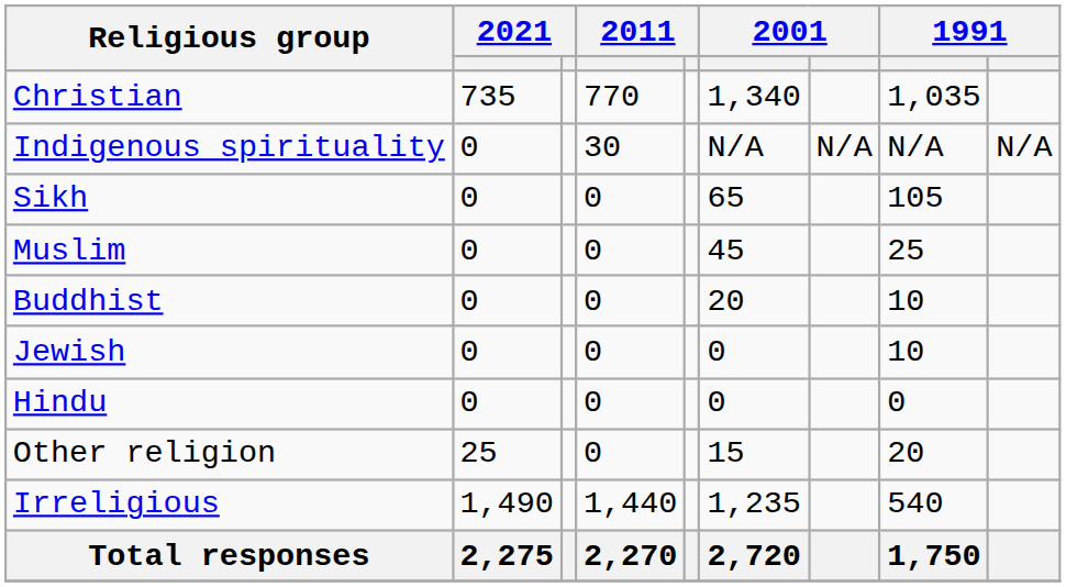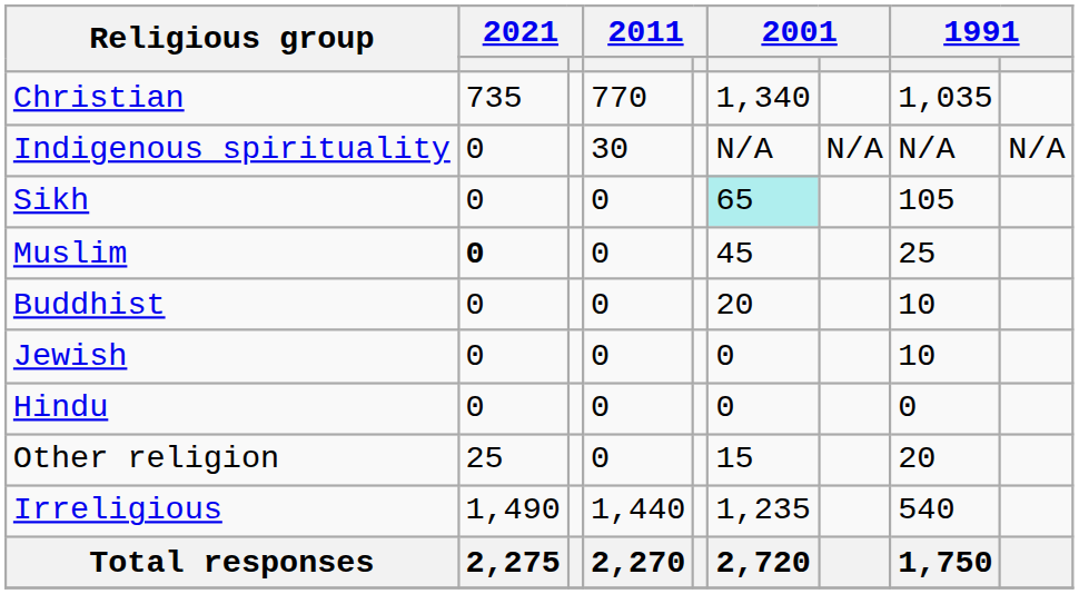 <table class="wikitable collapsible sortable">
 <tr>
 <th rowspan="2">Religious group</th>
 <th colspan="2"><a href='#'>2021</a></th>
 <th colspan="2"><a href='#'>2011</a></th>
 <th colspan="2"><a href='#'>2001</a></th>
 <th colspan="2"><a href='#'>1991</a></th>
 </tr>
 <tr>
 <th><a href='#'></a></th>
 <th></th>
 <th></th>
 <th></th>
 <th></th>
 <th></th>
 <th></th>
 <th></th>
 </tr>
 <tr>
 <td><a href='#'>Christian</a></td>
 <td>735</td>
 <td></td>
 <td>770</td>
 <td></td>
 <td>1,340</td>
 <td></td>
 <td>1,035</td>
 <td></td>
 </tr>
 <tr>
 <td><a href='#'>Indigenous spirituality</a></td>
 <td>0</td>
 <td></td>
 <td>30</td>
 <td></td>
 <td>N/A</td>
 <td>N/A</td>
 <td>N/A</td>
 <td>N/A</td>
 </tr>
 <tr>
 <td><a href='#'>Sikh</a></td>
 <td>0</td>
 <td></td>
 <td>0</td>
 <td></td>
-<td>65</td>
+<td style="background: paleturquoise;">65</td>
 <td></td>
 <td>105</td>
 <td></td>
 </tr>
 <tr>
 <td><a href='#'>Muslim</a></td>
-<td>0</td>
+<td><strong>0</strong></td>
 <td></td>
 <td>0</td>
 <td></td>
 <td>45</td>
 <td></td>
 <td>25</td>
 <td></td>
 </tr>
 <tr>
 <td><a href='#'>Buddhist</a></td>
 <td>0</td>
 <td></td>
 <td>0</td>
 <td></td>
 <td>20</td>
 <td></td>
 <td>10</td>
 <td></td>
 </tr>
 <tr>
 <td><a href='#'>Jewish</a></td>
 <td>0</td>
 <td></td>
 <td>0</td>
 <td></td>
 <td>0</td>
 <td></td>
 <td>10</td>
 <td></td>
 </tr>
 <tr>
 <td><a href='#'>Hindu</a></td>
 <td>0</td>
 <td></td>
 <td>0</td>
 <td></td>
 <td>0</td>
 <td></td>
 <td>0</td>
 <td></td>
 </tr>
 <tr>
 <td>Other religion</td>
 <td>25</td>
 <td></td>
 <td>0</td>
 <td></td>
 <td>15</td>
 <td></td>
 <td>20</td>
 <td></td>
 </tr>
 <tr>
 <td><a href='#'>Irreligious</a></td>
 <td>1,490</td>
 <td></td>
 <td>1,440</td>
 <td></td>
 <td>1,235</td>
 <td></td>
 <td>540</td>
 <td></td>
 </tr>
 <tr class="sortbottom">
 <th>Total responses</th>
 <th>2,275</th>
 <th></th>
 <th>2,270</th>
 <th></th>
 <th>2,720</th>
 <th></th>
 <th>1,750</th>
 <th></th>
 </tr>
 <tr>
 </tr>
 </table>
